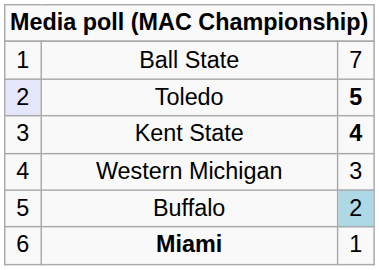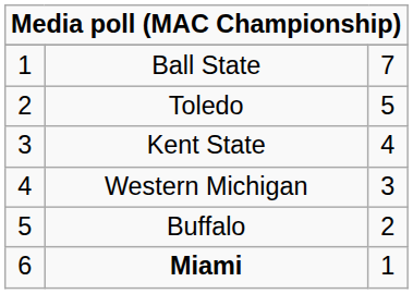 <table class="wikitable">
 <tr align="center">
 <td align="center" Colspan="3"><strong>Media poll (MAC Championship)</strong></td>
 </tr>
 <tr align="center">
 </tr>
 <tr align="center">
 <td>1</td>
 <td>Ball State</td>
 <td>7</td>
 </tr>
 <tr align="center">
-<td style="background: lavender;">2</td>
+<td>2</td>
 <td>Toledo</td>
-<td><strong>5</strong></td>
+<td>5</td>
 </tr>
 <tr align="center">
 <td>3</td>
 <td>Kent State</td>
-<td><strong>4</strong></td>
+<td>4</td>
 </tr>
 <tr align="center">
 <td>4</td>
 <td>Western Michigan</td>
 <td>3</td>
 </tr>
 <tr align="center">
 <td>5</td>
 <td>Buffalo</td>
-<td style="background: lightblue;">2</td>
+<td>2</td>
 </tr>
 <tr align="center">
 <td>6</td>
 <td><strong>Miami</strong></td>
 <td>1</td>
 </tr>
 </table>
